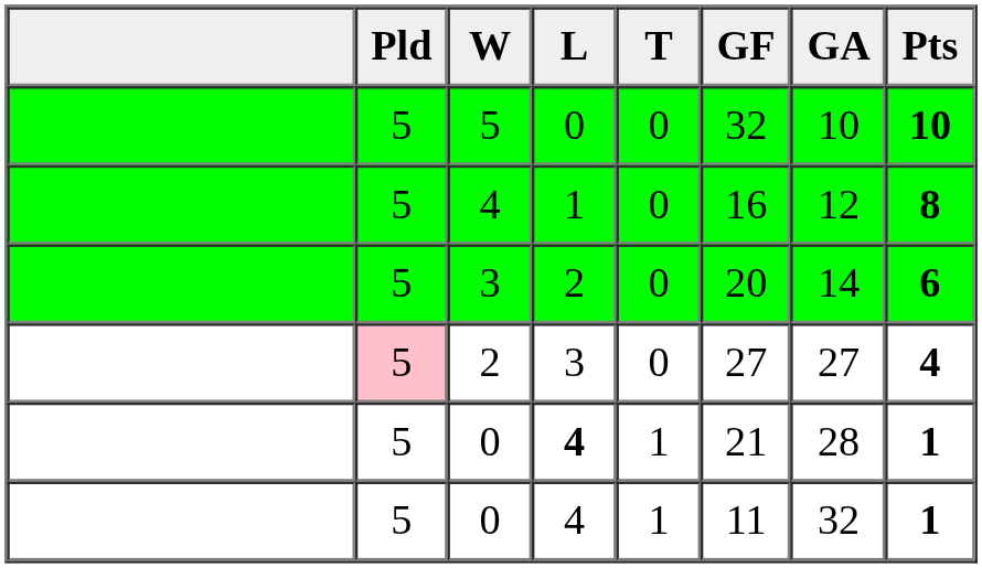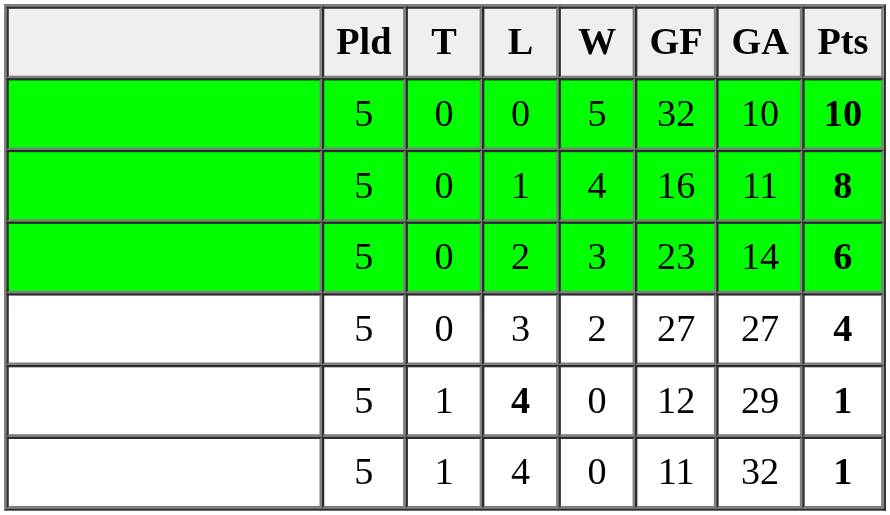 <table border=1 cellpadding=5 cellspacing =0>
 <tr>
 <th Bgcolor="#efefef" width="120"></th>
 <th Bgcolor="#efefef" width="20">Pld</th>
+<th Bgcolor="#efefef" width="20">T</th>
+<th Bgcolor="#efefef" width="20">L</th>
 <th Bgcolor="#efefef" width="20">W</th>
-<th Bgcolor="#efefef" width="20">L</th>
-<th Bgcolor="#efefef" width="20">T</th>
 <th Bgcolor="#efefef" width="20">GF</th>
 <th Bgcolor="#efefef" width="20">GA</th>
 <th Bgcolor="#efefef" width="20">Pts</th>
 </tr>
 <tr align=center bgcolor="lime">
 <td align= left></td>
 <td>5</td>
-<td>5</td>
 <td>0</td>
 <td>0</td>
+<td>5</td>
 <td>32</td>
 <td>10</td>
 <td><strong> 10</strong></td>
 </tr>
 <tr align=center bgcolor="lime">
 <td align = left></td>
 <td>5</td>
+<td>0</td>
+<td>1</td>
 <td>4</td>
-<td>1</td>
-<td>0</td>
 <td>16</td>
-<td>12</td>
+<td>11</td>
 <td><strong> 8</strong></td>
 </tr>
 <tr align=center bgcolor="lime">
 <td align = left></td>
 <td>5</td>
+<td>0</td>
+<td>2</td>
 <td>3</td>
-<td>2</td>
-<td>0</td>
-<td>20</td>
+<td>23</td>
 <td>14</td>
 <td><strong> 6</strong></td>
 </tr>
 <tr align=center>
 <td align=left></td>
-<td style="background: pink;">5</td>
+<td>5</td>
+<td>0</td>
+<td>3</td>
 <td>2</td>
-<td>3</td>
-<td>0</td>
 <td>27</td>
 <td>27</td>
 <td><strong> 4</strong></td>
 </tr>
 <tr align=center>
 <td align=left></td>
 <td>5</td>
+<td>1</td>
+<td><strong>4</strong></td>
 <td>0</td>
-<td><strong>4</strong></td>
-<td>1</td>
-<td>21</td>
-<td>28</td>
+<td>12</td>
+<td>29</td>
 <td><strong> 1</strong></td>
 </tr>
 <tr align=center>
 <td align=left></td>
 <td>5</td>
+<td>1</td>
+<td>4</td>
 <td>0</td>
-<td>4</td>
-<td>1</td>
 <td>11</td>
 <td>32</td>
 <td><strong> 1</strong></td>
 </tr>
 </table>
